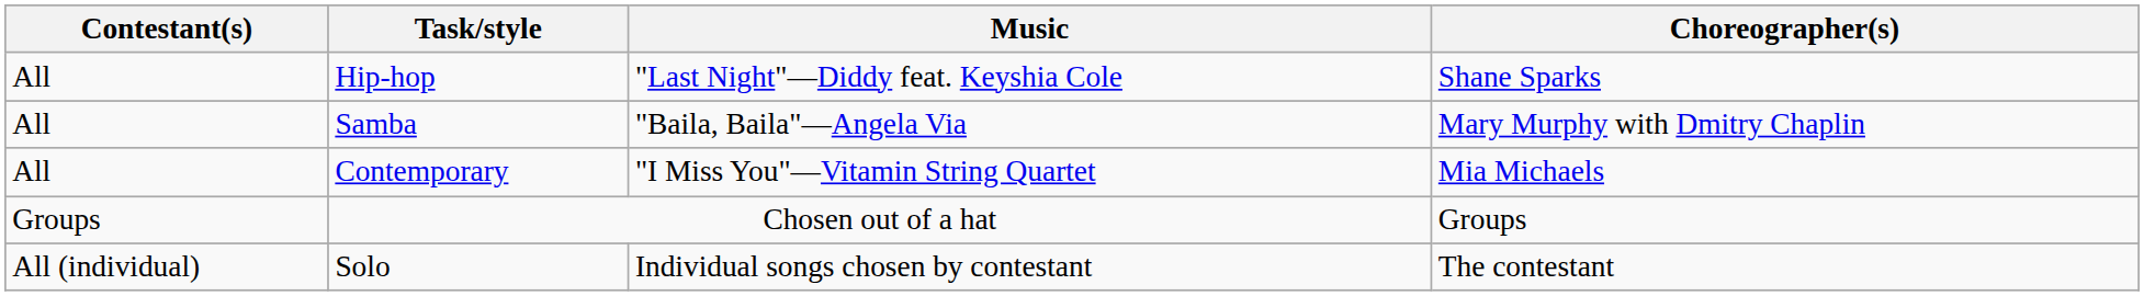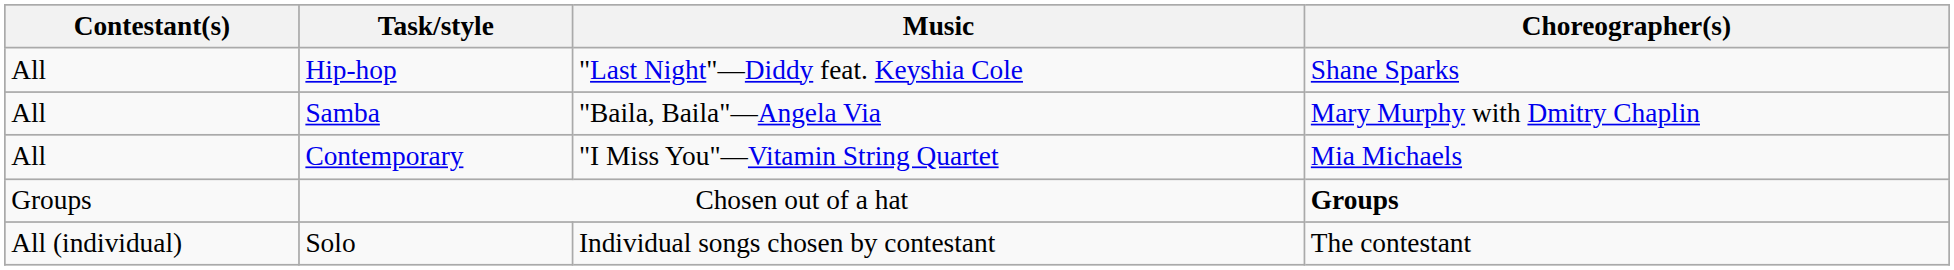 <table class="wikitable" style="width:90%;">
 <tr>
 <th>Contestant(s)</th>
 <th>Task/style</th>
 <th>Music</th>
 <th>Choreographer(s)</th>
 </tr>
 <tr>
 <td>All</td>
 <td><a href='#'>Hip-hop</a></td>
 <td>"<a href='#'>Last Night</a>"—<a href='#'>Diddy</a> feat. <a href='#'>Keyshia Cole</a></td>
 <td><a href='#'>Shane Sparks</a></td>
 </tr>
 <tr>
 <td>All</td>
 <td><a href='#'>Samba</a></td>
 <td>"Baila, Baila"—<a href='#'>Angela Via</a></td>
 <td><a href='#'>Mary Murphy</a> with <a href='#'>Dmitry Chaplin</a></td>
 </tr>
 <tr>
 <td>All</td>
 <td><a href='#'>Contemporary</a></td>
 <td>"I Miss You"—<a href='#'>Vitamin String Quartet</a></td>
 <td><a href='#'>Mia Michaels</a></td>
 </tr>
 <tr>
 <td>Groups</td>
 <td colspan="2" style="text-align:center;">Chosen out of a hat</td>
-<td>Groups</td>
+<td><strong>Groups</strong></td>
 </tr>
 <tr>
 <td>All (individual)</td>
 <td>Solo</td>
 <td>Individual songs chosen by contestant</td>
 <td>The contestant</td>
 </tr>
 </table>
